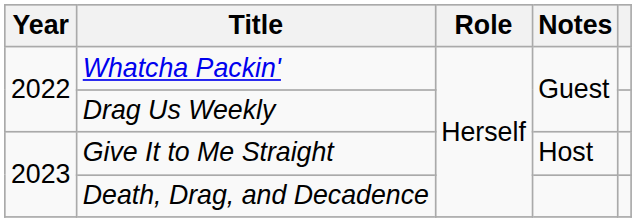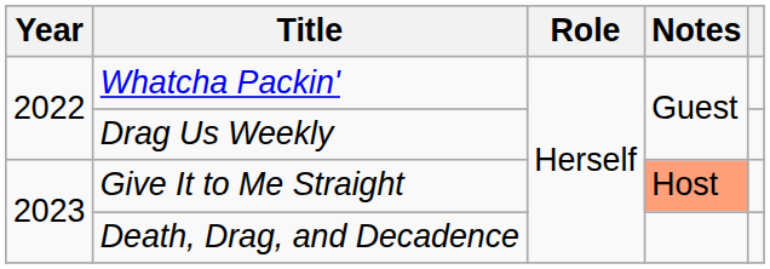 <table class="wikitable plainrowheaders sortable">
 <tr>
 <th scope="col">Year</th>
 <th scope="col">Title</th>
 <th scope="col">Role</th>
 <th scope="col">Notes</th>
 <th class="unsortable" style="text-align: center;"></th>
 </tr>
 <tr>
 <td rowspan="2">2022</td>
 <td><em><a href='#'>Whatcha Packin'</a></em></td>
 <td rowspan="4">Herself</td>
 <td rowspan="2">Guest</td>
 <td style="text-align: center;"></td>
 </tr>
 <tr>
 <td><em>Drag Us Weekly</em></td>
 <td style="text-align: center;"></td>
 </tr>
 <tr>
 <td rowspan="2">2023</td>
 <td><em>Give It to Me Straight</em></td>
-<td>Host</td>
+<td style="background: lightsalmon;">Host</td>
 <td style="text-align: center;"></td>
 </tr>
 <tr>
 <td><em>Death, Drag, and Decadence</em> <br></td>
 <td></td>
 <td style="text-align: center;"></td>
 </tr>
 </table>
